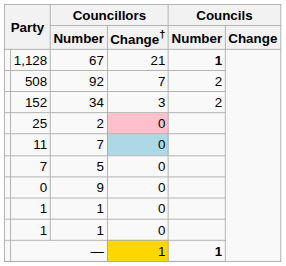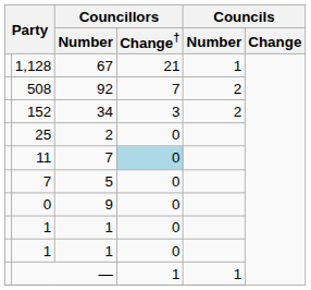 <table class="wikitable" style="text-align:right; font-size:95%;">
 <tr>
 <th colspan="2" rowspan="2">Party</th>
 <th colspan="2">Councillors</th>
 <th colspan="2">Councils</th>
 </tr>
 <tr>
 <th scope="col">Number</th>
 <th scope="col">Change<sup>†</sup></th>
 <th scope="col">Number</th>
 <th scope="col">Change</th>
 </tr>
 <tr>
 <td></td>
 <td>1,128</td>
 <td>67</td>
 <td>21</td>
-<td><strong>1</strong></td>
+<td>1</td>
 </tr>
 <tr>
 <td></td>
 <td>508</td>
 <td>92</td>
 <td>7</td>
 <td>2</td>
 </tr>
 <tr>
 <td></td>
 <td>152</td>
 <td>34</td>
 <td>3</td>
 <td>2</td>
 </tr>
 <tr>
 <td></td>
 <td>25</td>
 <td>2</td>
-<td style="background: pink;">0</td>
+<td>0</td>
 <td></td>
 </tr>
 <tr>
 <td></td>
 <td>11</td>
 <td>7</td>
 <td style="background: lightblue;">0</td>
 <td></td>
 </tr>
 <tr>
 <td></td>
 <td>7</td>
 <td>5</td>
 <td>0</td>
 <td></td>
 </tr>
 <tr>
 <td></td>
 <td>0</td>
 <td>9</td>
 <td>0</td>
 <td></td>
 </tr>
 <tr>
 <td></td>
 <td>1</td>
 <td>1</td>
 <td>0</td>
 <td></td>
 </tr>
 <tr>
 <td></td>
 <td>1</td>
 <td>1</td>
 <td>0</td>
 <td></td>
 </tr>
 <tr>
 <td></td>
 <td colspan="2">—</td>
-<td style="background: gold;">1</td>
-<td><strong>1</strong></td>
+<td>1</td>
+<td>1</td>
 </tr>
 <tr>
 </tr>
 </table>
